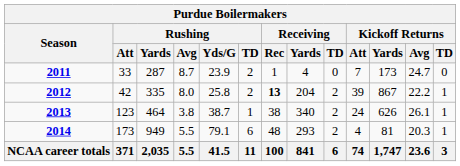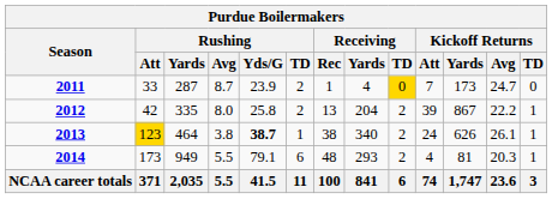 <table class=wikitable style="text-align:center;">
 <tr>
 <th colspan="15">Purdue Boilermakers</th>
 </tr>
 <tr>
 <th rowspan=2>Season</th>
 <th colspan=5>Rushing</th>
 <th colspan=3>Receiving</th>
 <th colspan=5>Kickoff Returns</th>
 </tr>
 <tr>
 <th>Att</th>
 <th>Yards</th>
 <th>Avg</th>
 <th>Yds/G</th>
 <th>TD</th>
 <th>Rec</th>
 <th>Yards</th>
 <th>TD</th>
 <th>Att</th>
 <th>Yards</th>
 <th>Avg</th>
 <th>TD</th>
 </tr>
 <tr>
 <td><strong><a href='#'>2011</a></strong></td>
 <td>33</td>
 <td>287</td>
 <td>8.7</td>
 <td>23.9</td>
 <td>2</td>
 <td>1</td>
 <td>4</td>
-<td>0</td>
+<td style="background: gold;">0</td>
 <td>7</td>
 <td>173</td>
 <td>24.7</td>
 <td>0</td>
 </tr>
 <tr>
 <td><strong><a href='#'>2012</a></strong></td>
 <td>42</td>
 <td>335</td>
 <td>8.0</td>
 <td>25.8</td>
 <td>2</td>
-<td><strong>13</strong></td>
+<td>13</td>
 <td>204</td>
 <td>2</td>
 <td>39</td>
 <td>867</td>
 <td>22.2</td>
 <td>1</td>
 </tr>
 <tr>
 <td><strong><a href='#'>2013</a></strong></td>
-<td>123</td>
+<td style="background: gold;">123</td>
 <td>464</td>
 <td>3.8</td>
-<td>38.7</td>
+<td><strong>38.7</strong></td>
 <td>1</td>
 <td>38</td>
 <td>340</td>
 <td>2</td>
 <td>24</td>
 <td>626</td>
 <td>26.1</td>
 <td>1</td>
 </tr>
 <tr>
 <td><strong><a href='#'>2014</a></strong></td>
 <td>173</td>
 <td>949</td>
 <td>5.5</td>
 <td>79.1</td>
 <td>6</td>
 <td>48</td>
 <td>293</td>
 <td>2</td>
 <td>4</td>
 <td>81</td>
 <td>20.3</td>
 <td>1</td>
 </tr>
 <tr>
 <th>NCAA career totals</th>
 <th>371</th>
 <th>2,035</th>
 <th>5.5</th>
 <th>41.5</th>
 <th>11</th>
 <th>100</th>
 <th>841</th>
 <th>6</th>
 <th>74</th>
 <th>1,747</th>
 <th>23.6</th>
 <th>3</th>
 </tr>
 </table>
